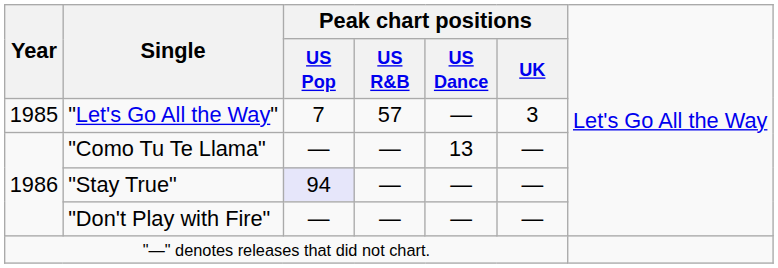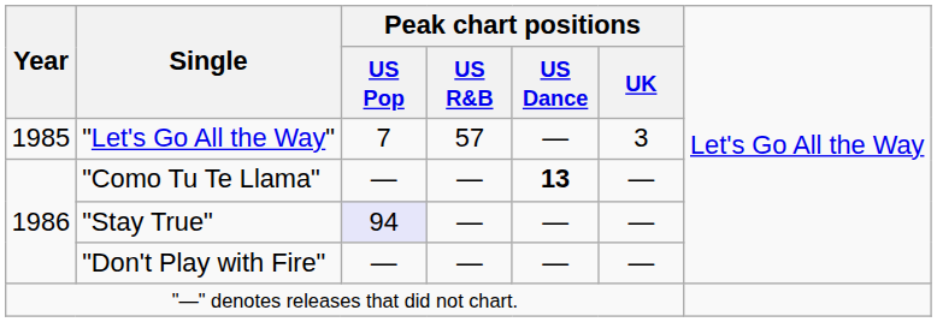 <table class="wikitable">
 <tr>
 <th scope="col" rowspan="2">Year</th>
 <th scope="col" rowspan="2">Single</th>
 <th scope="col" colspan="4">Peak chart positions</th>
 <td align="left" rowspan="6"><a href='#'>Let's Go All the Way</a></td>
 </tr>
 <tr>
 <th style="width:45px;"><small><a href='#'>US Pop</a></small><br></th>
 <th style="width:45px;"><small><a href='#'>US R&B</a></small><br></th>
 <th style="width:45px;"><small><a href='#'>US Dance</a></small><br></th>
 <th style="width:45px;"><small><a href='#'>UK</a></small><br></th>
 </tr>
 <tr>
 <td rowspan="1">1985</td>
 <td>"<a href='#'>Let's Go All the Way</a>"</td>
 <td align=center>7</td>
 <td align=center>57</td>
 <td align=center>—</td>
 <td align=center>3</td>
 </tr>
 <tr>
 <td rowspan="3">1986</td>
 <td>"Como Tu Te Llama"</td>
 <td align=center>―</td>
 <td align=center>―</td>
-<td align=center>13</td>
+<td align=center><strong>13</strong></td>
 <td align=center>—</td>
 </tr>
 <tr>
 <td>"Stay True"</td>
 <td align=center style="background: lavender;">94</td>
 <td align=center>—</td>
 <td align=center>―</td>
 <td align=center>―</td>
 </tr>
 <tr>
 <td>"Don't Play with Fire"</td>
 <td align=center>―</td>
 <td align=center>―</td>
 <td align=center>―</td>
 <td align=center>―</td>
 </tr>
 <tr>
 <td colspan="6" style="text-align:center; font-size:9pt;">"—" denotes releases that did not chart.</td>
 </tr>
 </table>
